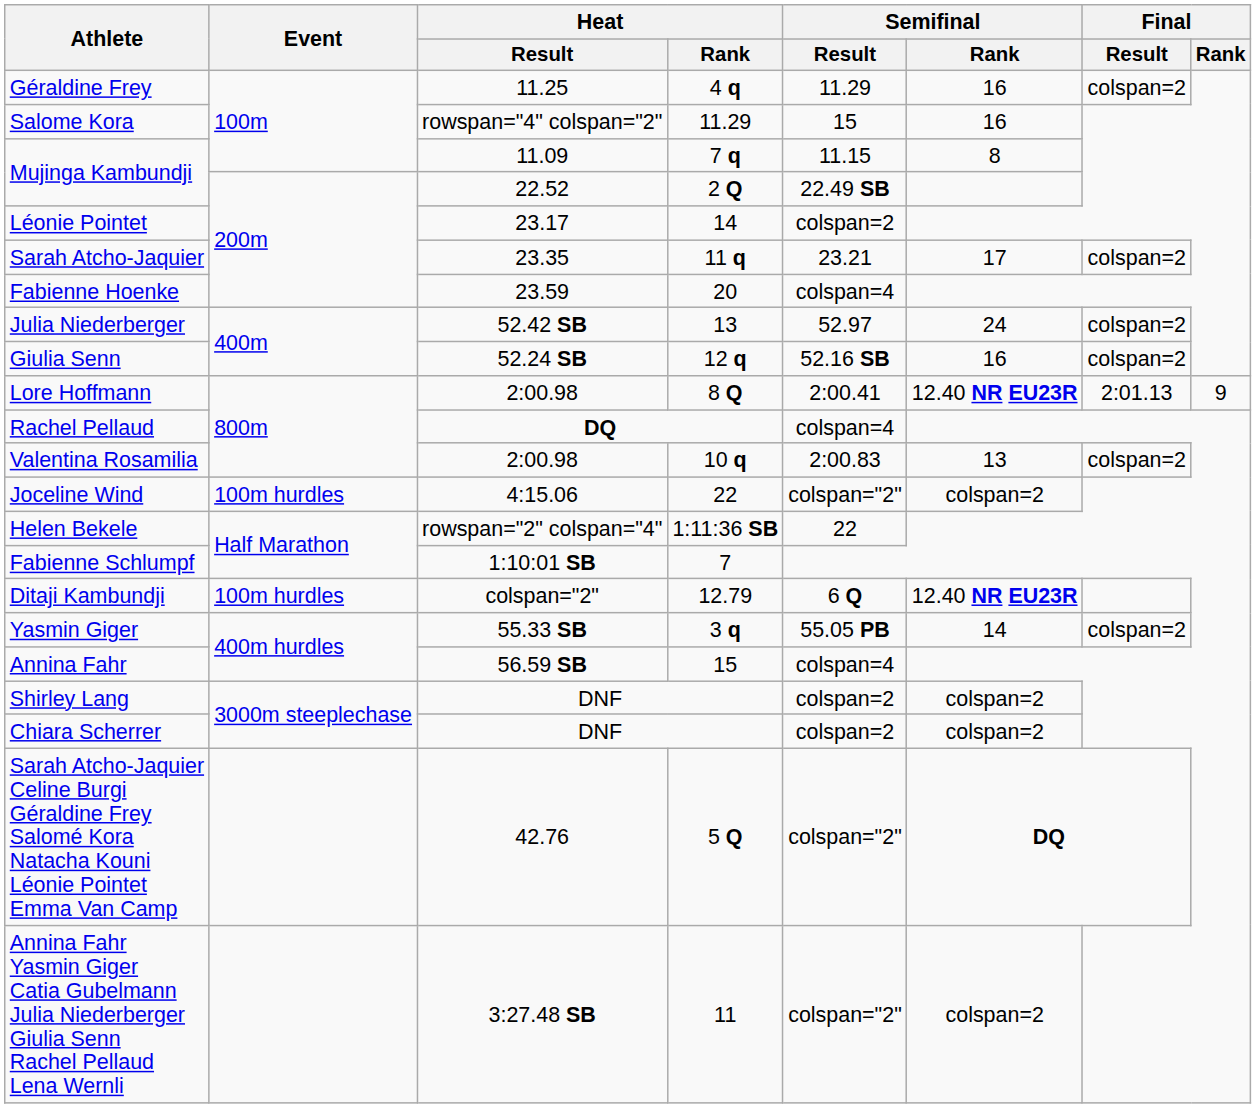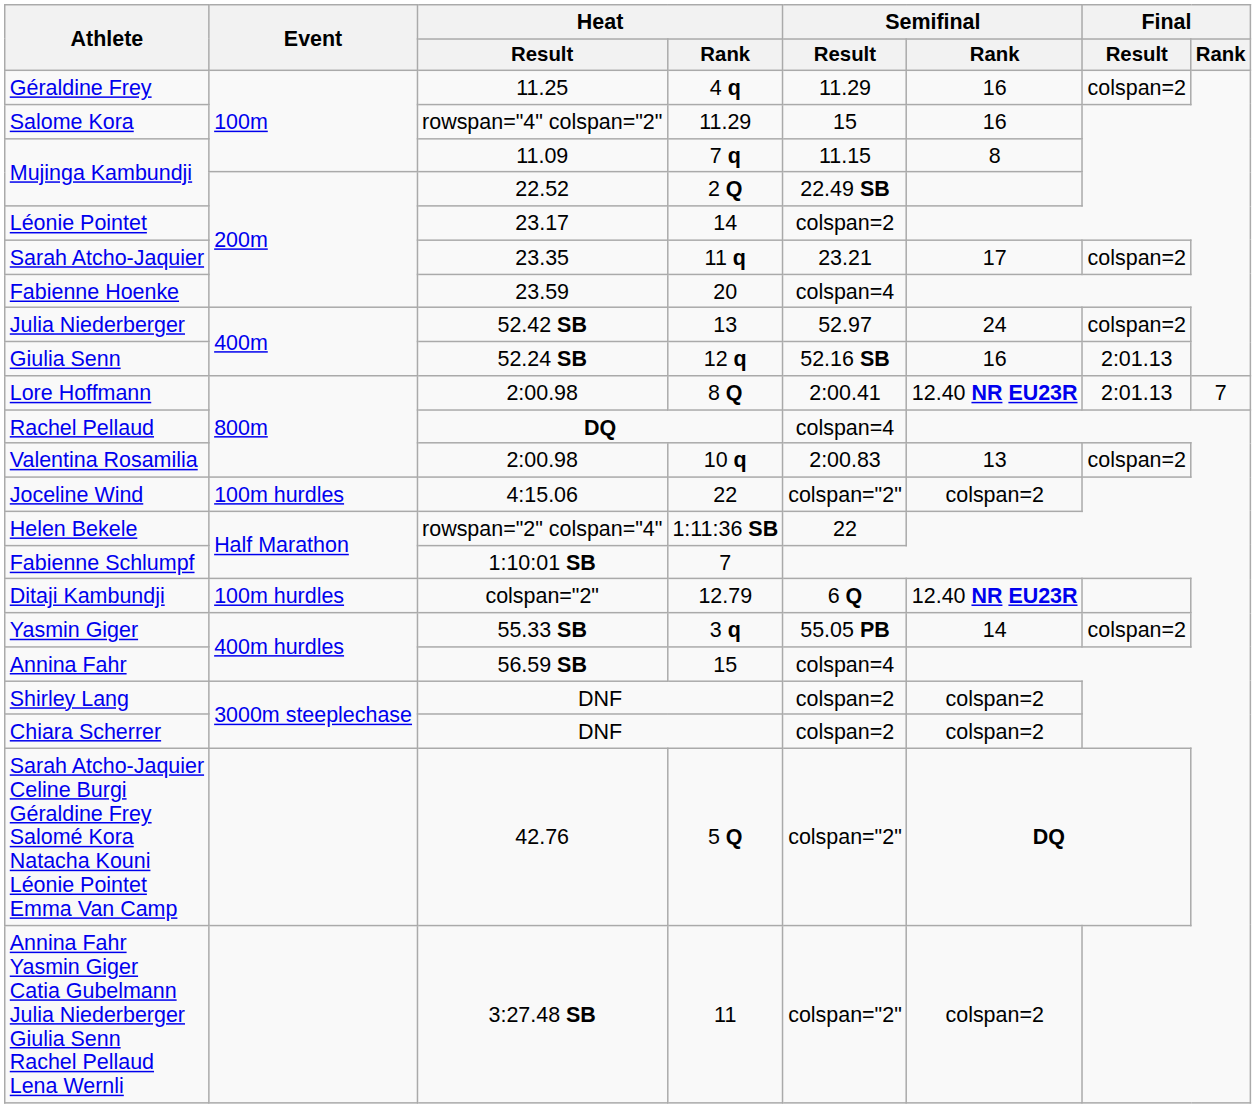 <table class="wikitable" style="font-size:90%">
 <tr>
 <th rowspan="2">Athlete</th>
 <th rowspan="2">Event</th>
 <th colspan="2">Heat</th>
 <th colspan="2">Semifinal</th>
 <th colspan="2">Final</th>
 </tr>
 <tr style="font-size:95%">
 <th>Result</th>
 <th>Rank</th>
 <th>Result</th>
 <th>Rank</th>
 <th>Result</th>
 <th>Rank</th>
 </tr>
 <tr align=center>
 <td align=left><a href='#'>Géraldine Frey</a></td>
 <td align=left rowspan="3"><a href='#'>100m</a></td>
 <td>11.25</td>
 <td>4 <strong>q</strong></td>
 <td>11.29</td>
 <td>16</td>
 <td>colspan=2 </td>
 </tr>
 <tr align=center>
 <td align=left><a href='#'>Salome Kora</a></td>
 <td>rowspan="4" colspan="2"</td>
 <td>11.29</td>
 <td>15</td>
 <td>16</td>
 </tr>
 <tr align=center>
 <td rowspan="2" align="left"><a href='#'>Mujinga Kambundji</a></td>
 <td>11.09</td>
 <td>7 <strong>q</strong></td>
 <td>11.15</td>
 <td>8</td>
 </tr>
 <tr align=center>
 <td align=left rowspan="4"><a href='#'>200m</a></td>
 <td>22.52</td>
 <td>2 <strong>Q</strong></td>
 <td>22.49 <strong>SB</strong></td>
 <td></td>
 </tr>
 <tr align=center>
 <td align=left><a href='#'>Léonie Pointet</a></td>
 <td>23.17</td>
 <td>14</td>
 <td>colspan=2 </td>
 </tr>
 <tr align=center>
 <td align=left><a href='#'>Sarah Atcho-Jaquier</a></td>
 <td>23.35</td>
 <td>11 <strong>q</strong></td>
 <td>23.21</td>
 <td>17</td>
 <td>colspan=2 </td>
 </tr>
 <tr align=center>
 <td align=left><a href='#'>Fabienne Hoenke</a></td>
 <td>23.59</td>
 <td>20</td>
 <td>colspan=4 </td>
 </tr>
 <tr align=center>
 <td align=left><a href='#'>Julia Niederberger</a></td>
 <td align=left rowspan="2"><a href='#'>400m</a></td>
 <td>52.42 <strong>SB</strong></td>
 <td>13</td>
 <td>52.97</td>
 <td>24</td>
 <td>colspan=2 </td>
 </tr>
 <tr align=center>
 <td align=left><a href='#'>Giulia Senn</a></td>
 <td>52.24 <strong>SB</strong></td>
 <td>12 <strong>q</strong></td>
 <td>52.16 <strong>SB</strong></td>
 <td>16</td>
-<td>colspan=2 </td>
+<td>2:01.13</td>
 </tr>
 <tr align=center>
 <td align=left><a href='#'>Lore Hoffmann</a></td>
 <td align=left rowspan="3"><a href='#'>800m</a></td>
 <td>2:00.98</td>
 <td>8 <strong>Q</strong></td>
 <td>2:00.41</td>
 <td>12.40 <a href='#'><strong>NR</strong></a> <a href='#'><strong>EU23R</strong></a></td>
 <td>2:01.13</td>
-<td>9</td>
+<td>7</td>
 </tr>
 <tr align=center>
 <td align=left><a href='#'>Rachel Pellaud</a></td>
 <td colspan="2"><strong>DQ</strong></td>
 <td>colspan=4 </td>
 </tr>
 <tr align=center>
 <td align=left><a href='#'>Valentina Rosamilia</a></td>
 <td>2:00.98</td>
 <td>10 <strong>q</strong></td>
 <td>2:00.83</td>
 <td>13</td>
 <td>colspan=2 </td>
 </tr>
 <tr align=center>
 <td align=left><a href='#'>Joceline Wind</a></td>
 <td align=left><a href='#'>100m hurdles</a></td>
 <td>4:15.06</td>
 <td>22</td>
 <td>colspan="2" </td>
 <td>colspan=2 </td>
 </tr>
 <tr align=center>
 <td align=left><a href='#'>Helen Bekele</a></td>
 <td align=left rowspan="2"><a href='#'>Half Marathon</a></td>
 <td>rowspan="2" colspan="4"</td>
 <td>1:11:36 <strong>SB</strong></td>
 <td>22</td>
 </tr>
 <tr align=center>
 <td align=left><a href='#'>Fabienne Schlumpf</a></td>
 <td>1:10:01 <strong>SB</strong></td>
 <td>7</td>
 </tr>
 <tr align=center>
 <td align=left><a href='#'>Ditaji Kambundji</a></td>
 <td align=left><a href='#'>100m hurdles</a></td>
 <td>colspan="2" </td>
 <td>12.79</td>
 <td>6 <strong>Q</strong></td>
 <td>12.40 <a href='#'><strong>NR</strong></a> <a href='#'><strong>EU23R</strong></a></td>
 <td></td>
 </tr>
 <tr align=center>
 <td align=left><a href='#'>Yasmin Giger</a></td>
 <td align=left rowspan="2"><a href='#'>400m hurdles</a></td>
 <td>55.33 <strong>SB</strong></td>
 <td>3 <strong>q</strong></td>
 <td>55.05 <strong>PB</strong></td>
 <td>14</td>
 <td>colspan=2</td>
 </tr>
 <tr align=center>
 <td align=left><a href='#'>Annina Fahr</a></td>
 <td>56.59 <strong>SB</strong></td>
 <td>15</td>
 <td>colspan=4 </td>
 </tr>
 <tr align=center>
 <td align=left><a href='#'>Shirley Lang</a></td>
 <td align=left rowspan="2"><a href='#'>3000m steeplechase</a></td>
 <td colspan=2>DNF</td>
 <td>colspan=2 </td>
 <td>colspan=2 </td>
 </tr>
 <tr align=center>
 <td align=left><a href='#'>Chiara Scherrer</a></td>
 <td colspan=2>DNF</td>
 <td>colspan=2 </td>
 <td>colspan=2 </td>
 </tr>
 <tr align=center>
 <td align=left><a href='#'>Sarah Atcho-Jaquier</a> <br><a href='#'>Celine Burgi</a><br> <a href='#'>Géraldine Frey</a><br> <a href='#'>Salomé Kora</a><br><a href='#'>Natacha Kouni</a><br><a href='#'>Léonie Pointet</a><br> <a href='#'>Emma Van Camp</a></td>
 <td align=left><a href='#'></a></td>
 <td>42.76</td>
 <td>5 <strong>Q</strong></td>
 <td>colspan="2"</td>
 <td colspan="2"><strong>DQ</strong></td>
 </tr>
 <tr align=center>
 <td align=left><a href='#'>Annina Fahr</a> <br><a href='#'>Yasmin Giger</a><br> <a href='#'>Catia Gubelmann</a><br> <a href='#'>Julia Niederberger</a><br><a href='#'>Giulia Senn</a><br> <a href='#'>Rachel Pellaud</a><br> <a href='#'>Lena Wernli</a></td>
 <td align=left><a href='#'></a></td>
 <td>3:27.48 <strong>SB</strong></td>
 <td>11</td>
 <td>colspan="2"</td>
 <td>colspan=2 </td>
 </tr>
 </table>
